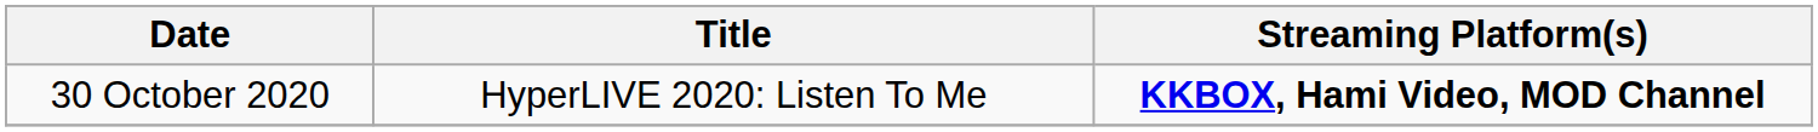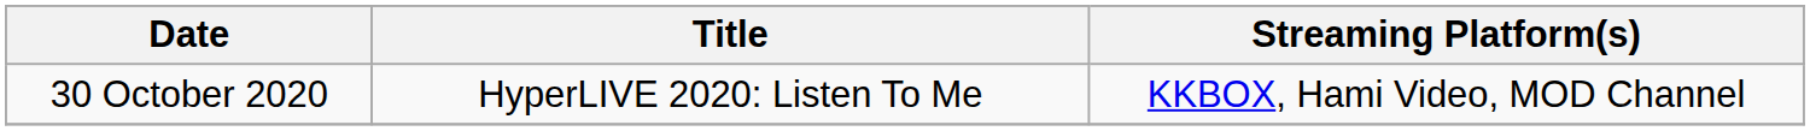 <table class="wikitable" style="text-align:center;">
 <tr>
 <th width="150px">Date</th>
 <th width="300px">Title</th>
 <th width="300px">Streaming Platform(s)</th>
 </tr>
 <tr>
 <td>30 October 2020</td>
 <td>HyperLIVE 2020: Listen To Me</td>
-<td><strong><a href='#'>KKBOX</a>, Hami Video, MOD Channel</strong></td>
+<td><a href='#'>KKBOX</a>, Hami Video, MOD Channel</td>
 </tr>
 <tr>
 </tr>
 </table>
